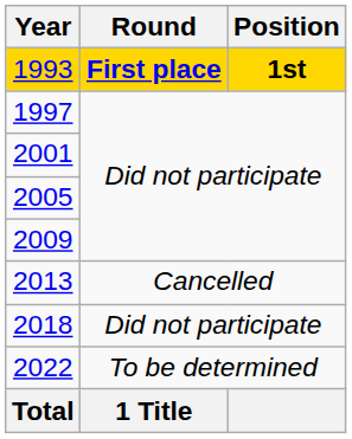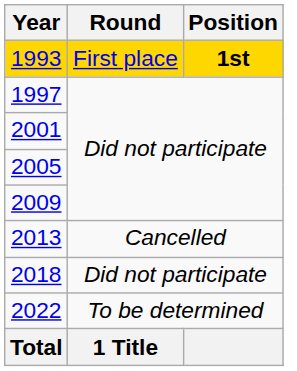 <table class="wikitable" style="text-align: center;">
 <tr>
 <th>Year</th>
 <th>Round</th>
 <th>Position</th>
 </tr>
 <tr bgcolor=Gold>
 <td> <a href='#'>1993</a></td>
-<td><strong><a href='#'>First place</a></strong></td>
+<td><a href='#'>First place</a></td>
 <td><strong>1st</strong></td>
 </tr>
 <tr>
 <td> <a href='#'>1997</a></td>
 <td colspan="2" rowspan="4"><em>Did not participate</em></td>
 </tr>
 <tr>
 <td> <a href='#'>2001</a></td>
 </tr>
 <tr>
 <td> <a href='#'>2005</a></td>
 </tr>
 <tr>
 <td> <a href='#'>2009</a></td>
 </tr>
 <tr>
 <td> <a href='#'>2013</a></td>
 <td colspan=2><em>Cancelled</em></td>
 </tr>
 <tr>
 <td> <a href='#'>2018</a></td>
 <td colspan="2"><em>Did not participate</em></td>
 </tr>
 <tr>
 <td> <a href='#'>2022</a></td>
 <td colspan="2"><em>To be determined</em></td>
 </tr>
 <tr>
 <th>Total</th>
 <th>1 Title</th>
 <th></th>
 </tr>
 </table>
